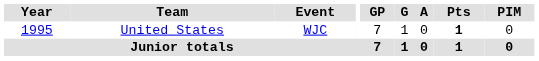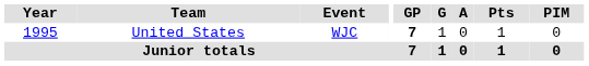 <table border="0" cellpadding="1" cellspacing="0" ID="Table3" style="text-align:center; width:40em">
 <tr bgcolor="#e0e0e0">
 <th>Year</th>
 <th>Team</th>
 <th>Event</th>
 <th rowspan="102" bgcolor="#ffffff"></th>
 <th>GP</th>
 <th>G</th>
 <th>A</th>
 <th>Pts</th>
 <th>PIM</th>
 </tr>
 <tr>
 <td><a href='#'>1995</a></td>
 <td><a href='#'>United States</a></td>
 <td><a href='#'>WJC</a></td>
-<td>7</td>
+<td><strong>7</strong></td>
 <td>1</td>
 <td>0</td>
-<td><strong>1</strong></td>
+<td>1</td>
 <td>0</td>
 </tr>
 <tr bgcolor="#e0e0e0">
 <th colspan="4">Junior totals</th>
 <th>7</th>
 <th>1</th>
 <th>0</th>
 <th>1</th>
 <th>0</th>
 </tr>
 </table>
